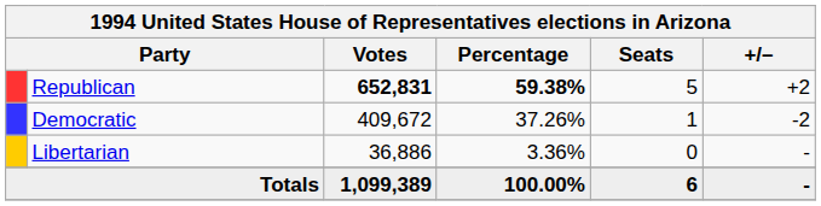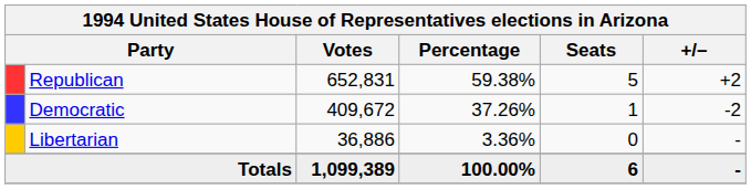 <table class="wikitable" style="font-size: 95%;">
 <tr>
 <th colspan="6">1994 United States House of Representatives elections in Arizona</th>
 </tr>
 <tr>
 <th colspan=2 style="width: 15em">Party</th>
 <th style="width: 5em">Votes</th>
 <th style="width: 7em">Percentage</th>
 <th style="width: 5em">Seats</th>
 <th style="width: 5em">+/–</th>
 </tr>
 <tr>
 <th style="background-color:#FF3333; width: 3px"></th>
 <td style="width: 130px"><a href='#'>Republican</a></td>
-<td align="right"><strong>652,831</strong></td>
-<td align="right"><strong>59.38%</strong></td>
+<td align="right">652,831</td>
+<td align="right">59.38%</td>
 <td align="right">5</td>
 <td align="right">+2</td>
 </tr>
 <tr>
 <th style="background-color:#3333FF; width: 3px"></th>
 <td style="width: 130px"><a href='#'>Democratic</a></td>
 <td align="right">409,672</td>
 <td align="right">37.26%</td>
 <td align="right">1</td>
 <td align="right">-2</td>
 </tr>
 <tr>
 <th style="background-color:#FFCC00; width: 3px"></th>
 <td style="width: 130px"><a href='#'>Libertarian</a></td>
 <td align="right">36,886</td>
 <td align="right">3.36%</td>
 <td align="right">0</td>
 <td align="right">-</td>
 </tr>
 <tr>
 </tr>
 <tr bgcolor="#EEEEEE">
 <td colspan="2" align="right"><strong>Totals</strong></td>
 <td align="right"><strong>1,099,389</strong></td>
 <td align="right"><strong>100.00%</strong></td>
 <td align="right"><strong>6</strong></td>
 <td align="right"><strong>-</strong></td>
 </tr>
 <tr bgcolor="#EEEEEE">
 </tr>
 </table>
